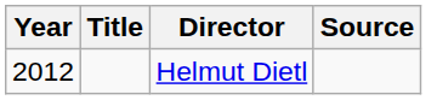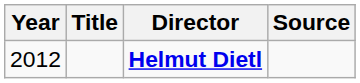 <table class=wikitable style=text-align:center;>
 <tr>
 <th>Year</th>
 <th>Title</th>
 <th>Director</th>
 <th>Source</th>
 </tr>
 <tr>
 <td rowspan="4">2012</td>
 <td align="left"><em></em></td>
-<td><a href='#'>Helmut Dietl</a></td>
+<td><strong><a href='#'>Helmut Dietl</a></strong></td>
 <td></td>
 </tr>
 </table>
